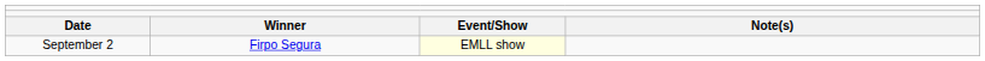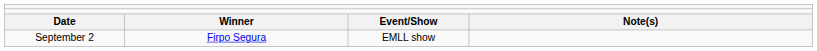 <table class="wikitable" style="text-align:center; width:100%;">
 <tr>
 <td colspan=5></td>
 </tr>
 <tr>
 <td colspan=5><strong></strong></td>
 </tr>
 <tr>
 <th width=14%>Date</th>
 <th width=26%>Winner</th>
 <th width=14%>Event/Show</th>
 <th width=40%>Note(s)</th>
 </tr>
 <tr>
 <td>September 2</td>
 <td><a href='#'>Firpo Segura</a></td>
-<td style="background: lightyellow;">EMLL show</td>
+<td>EMLL show</td>
 <td align=left></td>
 </tr>
 </table>
